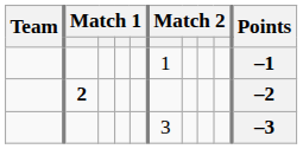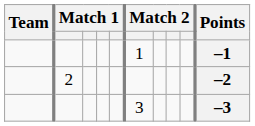 <table class="wikitable sortable" style="text-align:center;">
 <tr>
 <th rowspan=2>Team</th>
 <th colspan=4 style="border-left:3px solid gray">Match 1</th>
 <th colspan=4 style="border-left:3px solid gray">Match 2</th>
 <th rowspan=2 style="border-left:3px solid gray">Points</th>
 </tr>
 <tr>
 <th style="border-left:3px solid gray"></th>
 <th></th>
 <th></th>
 <th></th>
 <th style="border-left:3px solid gray"></th>
 <th></th>
 <th></th>
 <th></th>
 </tr>
 <tr>
 <td align=left></td>
 <td style="border-left:3px solid gray"></td>
 <td></td>
 <td></td>
 <td></td>
 <td style="border-left:3px solid gray">1</td>
 <td></td>
 <td></td>
 <td></td>
 <th style="border-left:3px solid gray">–1</th>
 </tr>
 <tr>
 <td align=left></td>
-<td style="border-left:3px solid gray"><strong>2</strong></td>
+<td style="border-left:3px solid gray">2</td>
 <td></td>
 <td></td>
 <td></td>
 <td style="border-left:3px solid gray"></td>
 <td></td>
 <td></td>
 <td></td>
 <th style="border-left:3px solid gray">–2</th>
 </tr>
 <tr>
 <td align=left></td>
 <td style="border-left:3px solid gray"></td>
 <td></td>
 <td></td>
 <td></td>
 <td style="border-left:3px solid gray">3</td>
 <td></td>
 <td></td>
 <td></td>
 <th style="border-left:3px solid gray">–3</th>
 </tr>
 </table>
